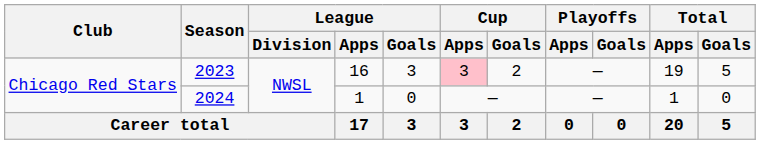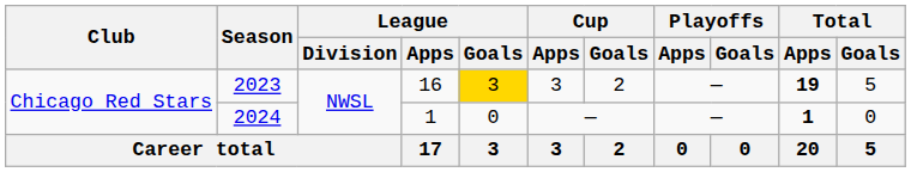 <table class="wikitable" style="text-align: center;">
 <tr>
 <th rowspan="2">Club</th>
 <th rowspan="2">Season</th>
 <th colspan="3">League</th>
 <th colspan="2">Cup</th>
 <th colspan="2">Playoffs</th>
 <th colspan="2">Total</th>
 </tr>
 <tr>
 <th>Division</th>
 <th>Apps</th>
 <th>Goals</th>
 <th>Apps</th>
 <th>Goals</th>
 <th>Apps</th>
 <th>Goals</th>
 <th>Apps</th>
 <th>Goals</th>
 </tr>
 <tr>
 <td rowspan="2"><a href='#'>Chicago Red Stars</a></td>
 <td><a href='#'>2023</a></td>
 <td rowspan="2"><a href='#'>NWSL</a></td>
 <td>16</td>
+<td style="background: gold;">3</td>
 <td>3</td>
-<td style="background: pink;">3</td>
 <td>2</td>
 <td colspan="2">—</td>
-<td>19</td>
+<td><strong>19</strong></td>
 <td>5</td>
 </tr>
 <tr>
 <td><a href='#'>2024</a></td>
 <td>1</td>
 <td>0</td>
 <td colspan="2">—</td>
 <td colspan="2">—</td>
-<td>1</td>
+<td><strong>1</strong></td>
 <td>0</td>
 </tr>
 <tr>
 <th colspan="3">Career total</th>
 <th>17</th>
 <th>3</th>
 <th>3</th>
 <th>2</th>
 <th>0</th>
 <th>0</th>
 <th>20</th>
 <th>5</th>
 </tr>
 </table>
